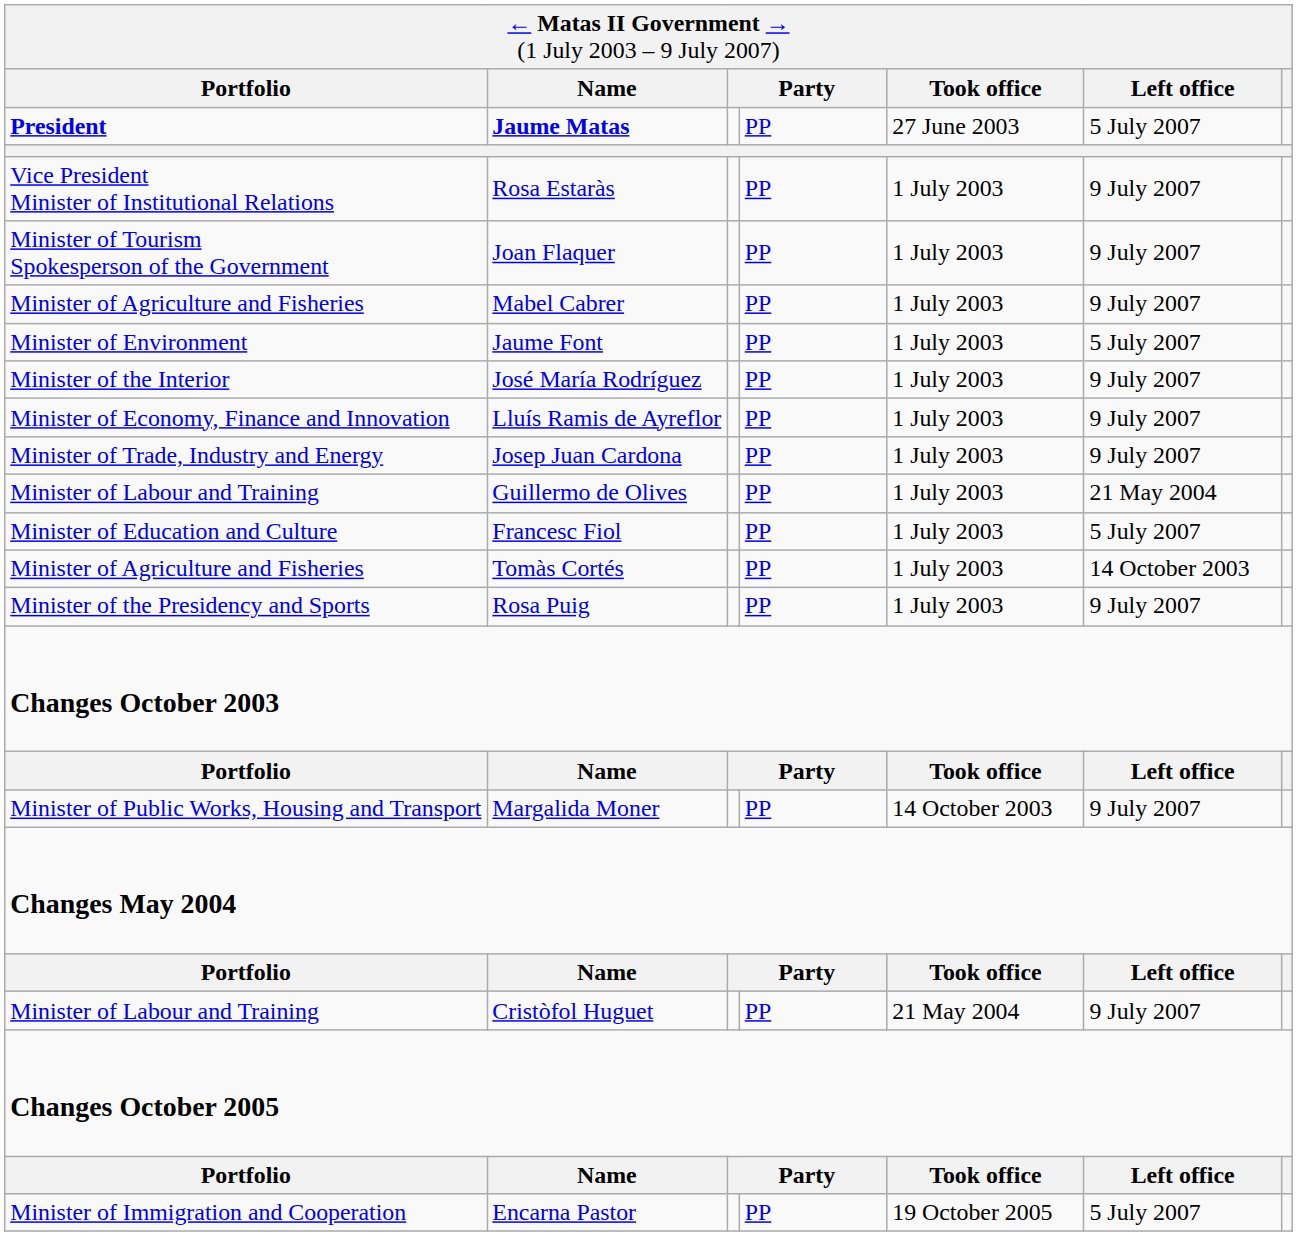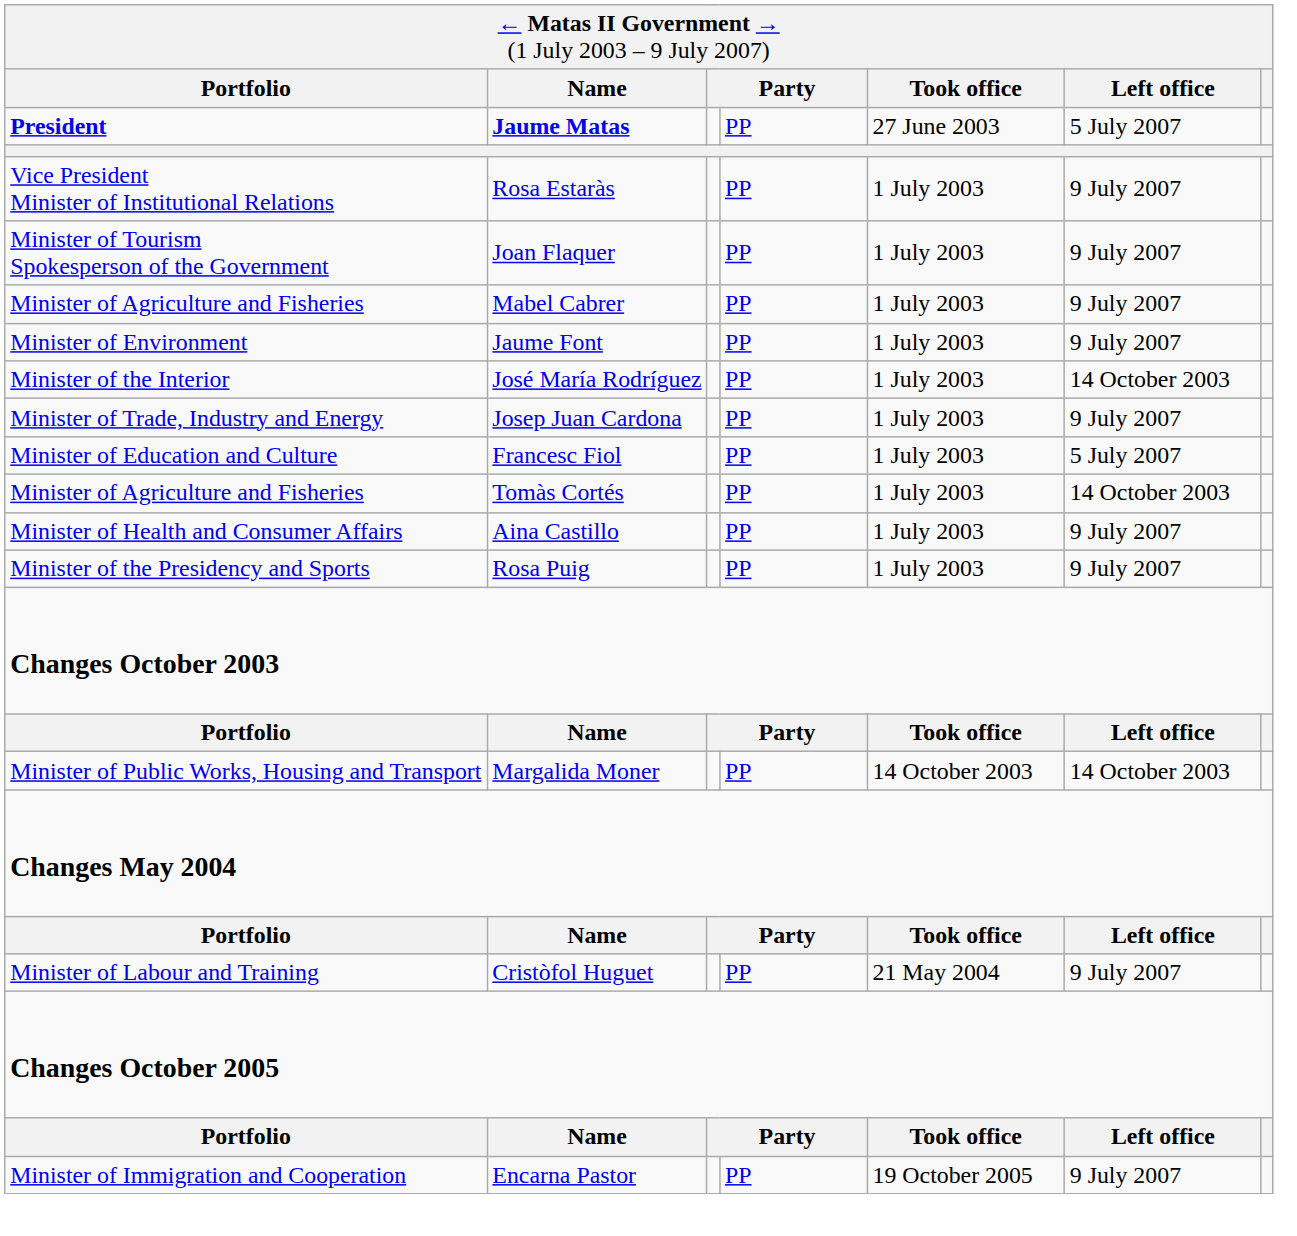 <table class="wikitable">
 <tr>
 <td colspan="7" bgcolor="#F2F2F2" align="center"><a href='#'>←</a> <strong>Matas II Government</strong> <a href='#'>→</a><br>(1 July 2003 – 9 July 2007)</td>
 </tr>
 <tr>
 <th>Portfolio</th>
 <th>Name</th>
 <th width="100px" colspan="2">Party</th>
 <th width="125px">Took office</th>
 <th width="125px">Left office</th>
 <th></th>
 </tr>
 <tr>
 <td><strong><a href='#'>President</a></strong></td>
 <td><strong><a href='#'>Jaume Matas</a></strong></td>
 <td width="1" style="background-color:"></td>
 <td><a href='#'>PP</a></td>
 <td>27 June 2003</td>
 <td>5 July 2007</td>
 <td align="center"></td>
 </tr>
 <tr>
 <th colspan="7"></th>
 </tr>
 <tr>
 <td><a href='#'>Vice President</a><br><a href='#'>Minister of Institutional Relations</a></td>
 <td><a href='#'>Rosa Estaràs</a></td>
 <td style="background-color:"></td>
 <td><a href='#'>PP</a></td>
 <td>1 July 2003</td>
 <td>9 July 2007</td>
 <td align="center"></td>
 </tr>
 <tr>
 <td><a href='#'>Minister of Tourism</a><br><a href='#'>Spokesperson of the Government</a></td>
 <td><a href='#'>Joan Flaquer</a></td>
 <td style="background-color:"></td>
 <td><a href='#'>PP</a></td>
 <td>1 July 2003</td>
 <td>9 July 2007</td>
 <td align="center"></td>
 </tr>
 <tr>
 <td><a href='#'>Minister of Agriculture and Fisheries</a></td>
 <td><a href='#'>Mabel Cabrer</a></td>
 <td style="background-color:"></td>
 <td><a href='#'>PP</a></td>
 <td>1 July 2003</td>
 <td>9 July 2007</td>
 <td align="center"></td>
 </tr>
 <tr>
 <td><a href='#'>Minister of Environment</a></td>
 <td><a href='#'>Jaume Font</a></td>
 <td style="background-color:"></td>
 <td><a href='#'>PP</a></td>
 <td>1 July 2003</td>
-<td>5 July 2007</td>
+<td>9 July 2007</td>
 <td align="center"></td>
 </tr>
 <tr>
 <td><a href='#'>Minister of the Interior</a></td>
 <td><a href='#'>José María Rodríguez</a></td>
 <td style="background-color:"></td>
 <td><a href='#'>PP</a></td>
 <td>1 July 2003</td>
-<td>9 July 2007</td>
-<td align="center"></td>
-</tr>
-<tr>
-<td><a href='#'>Minister of Economy, Finance and Innovation</a></td>
-<td><a href='#'>Lluís Ramis de Ayreflor</a></td>
-<td style="background-color:"></td>
-<td><a href='#'>PP</a></td>
-<td>1 July 2003</td>
-<td>9 July 2007</td>
+<td>14 October 2003</td>
 <td align="center"></td>
 </tr>
 <tr>
 <td><a href='#'>Minister of Trade, Industry and Energy</a></td>
 <td><a href='#'>Josep Juan Cardona</a></td>
 <td style="background-color:"></td>
 <td><a href='#'>PP</a></td>
 <td>1 July 2003</td>
 <td>9 July 2007</td>
-<td align="center"></td>
-</tr>
-<tr>
-<td><a href='#'>Minister of Labour and Training</a></td>
-<td><a href='#'>Guillermo de Olives</a></td>
-<td style="background-color:"></td>
-<td><a href='#'>PP</a></td>
-<td>1 July 2003</td>
-<td>21 May 2004</td>
 <td align="center"></td>
 </tr>
 <tr>
 <td><a href='#'>Minister of Education and Culture</a></td>
 <td><a href='#'>Francesc Fiol</a></td>
 <td style="background-color:"></td>
 <td><a href='#'>PP</a></td>
 <td>1 July 2003</td>
 <td>5 July 2007</td>
 <td align="center"></td>
 </tr>
 <tr>
 <td><a href='#'>Minister of Agriculture and Fisheries</a></td>
 <td><a href='#'>Tomàs Cortés</a></td>
 <td style="background-color:"></td>
 <td><a href='#'>PP</a></td>
 <td>1 July 2003</td>
 <td>14 October 2003</td>
+<td align="center"></td>
+</tr>
+<tr>
+<td><a href='#'>Minister of Health and Consumer Affairs</a></td>
+<td><a href='#'>Aina Castillo</a></td>
+<td style="background-color:"></td>
+<td><a href='#'>PP</a></td>
+<td>1 July 2003</td>
+<td>9 July 2007</td>
 <td align="center"></td>
 </tr>
 <tr>
 <td><a href='#'>Minister of the Presidency and Sports</a></td>
 <td><a href='#'>Rosa Puig</a></td>
 <td style="background-color:"></td>
 <td><a href='#'>PP</a></td>
 <td>1 July 2003</td>
 <td>9 July 2007</td>
 <td align="center"></td>
 </tr>
 <tr>
 <td colspan="7"><br><h3>Changes October 2003</h3></td>
 </tr>
 <tr>
 <th>Portfolio</th>
 <th>Name</th>
 <th colspan="2">Party</th>
 <th>Took office</th>
 <th>Left office</th>
 <th></th>
 </tr>
 <tr>
 <td><a href='#'>Minister of Public Works, Housing and Transport</a></td>
 <td><a href='#'>Margalida Moner</a></td>
 <td style="background-color:"></td>
 <td><a href='#'>PP</a></td>
 <td>14 October 2003</td>
-<td>9 July 2007</td>
+<td>14 October 2003</td>
 <td align="center"></td>
 </tr>
 <tr>
 <td colspan="7"><br><h3>Changes May 2004</h3></td>
 </tr>
 <tr>
 <th>Portfolio</th>
 <th>Name</th>
 <th colspan="2">Party</th>
 <th>Took office</th>
 <th>Left office</th>
 <th></th>
 </tr>
 <tr>
 <td><a href='#'>Minister of Labour and Training</a></td>
 <td><a href='#'>Cristòfol Huguet</a></td>
 <td style="background-color:"></td>
 <td><a href='#'>PP</a></td>
 <td>21 May 2004</td>
 <td>9 July 2007</td>
 <td align="center"></td>
 </tr>
 <tr>
 <td colspan="7"><br><h3>Changes October 2005</h3></td>
 </tr>
 <tr>
 <th>Portfolio</th>
 <th>Name</th>
 <th colspan="2">Party</th>
 <th>Took office</th>
 <th>Left office</th>
 <th></th>
 </tr>
 <tr>
 <td><a href='#'>Minister of Immigration and Cooperation</a></td>
 <td><a href='#'>Encarna Pastor</a></td>
 <td style="background-color:"></td>
 <td><a href='#'>PP</a></td>
 <td>19 October 2005</td>
-<td>5 July 2007</td>
+<td>9 July 2007</td>
 <td align="center"></td>
 </tr>
 </table>
